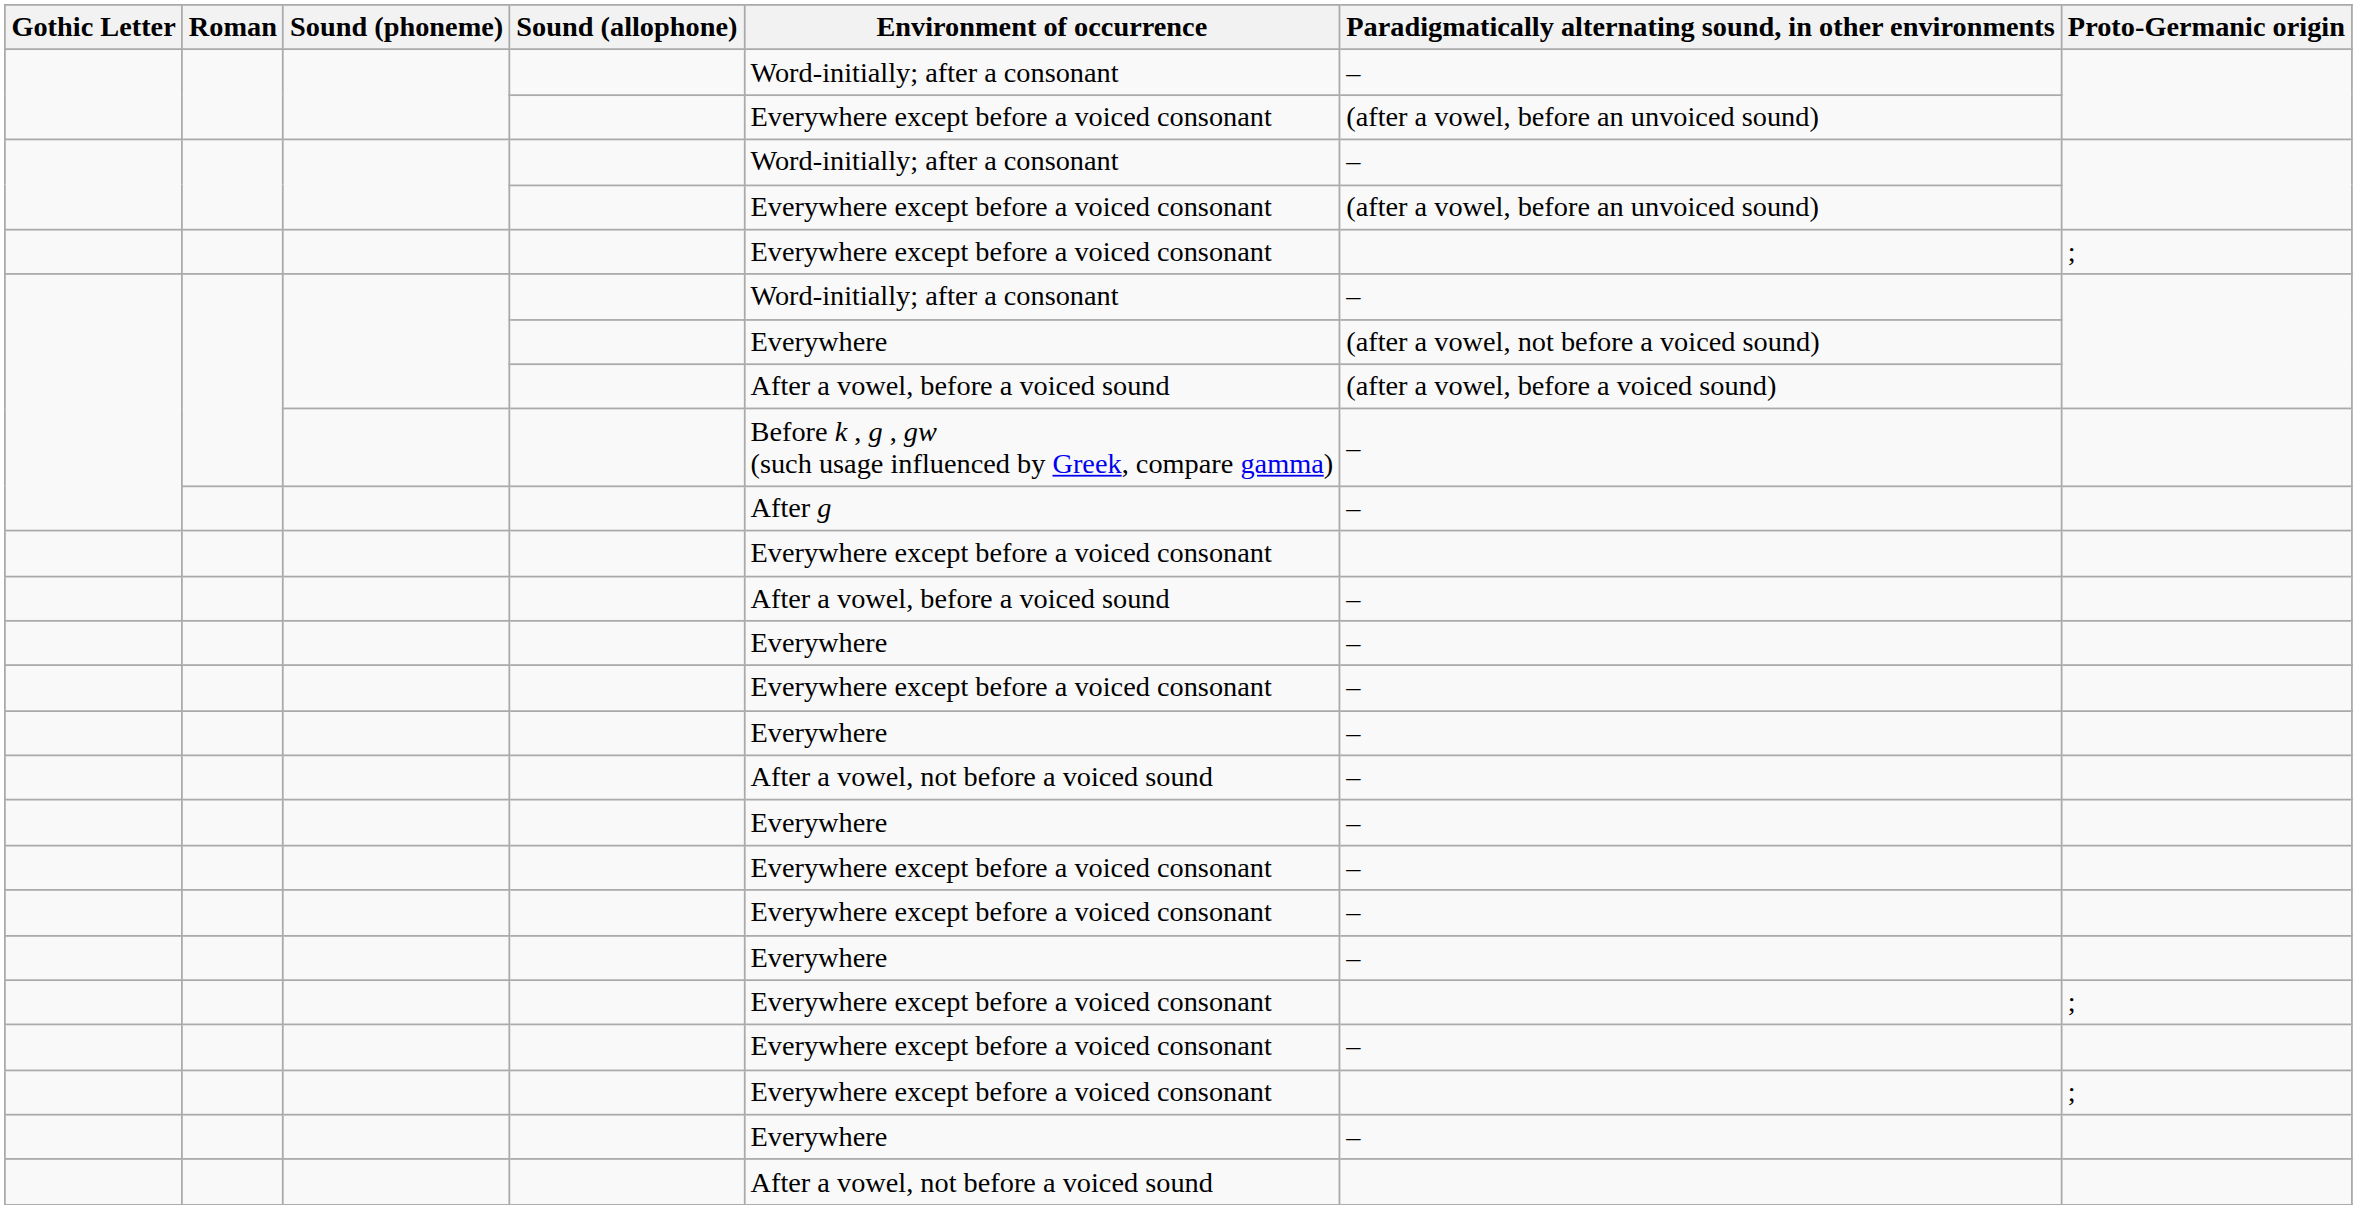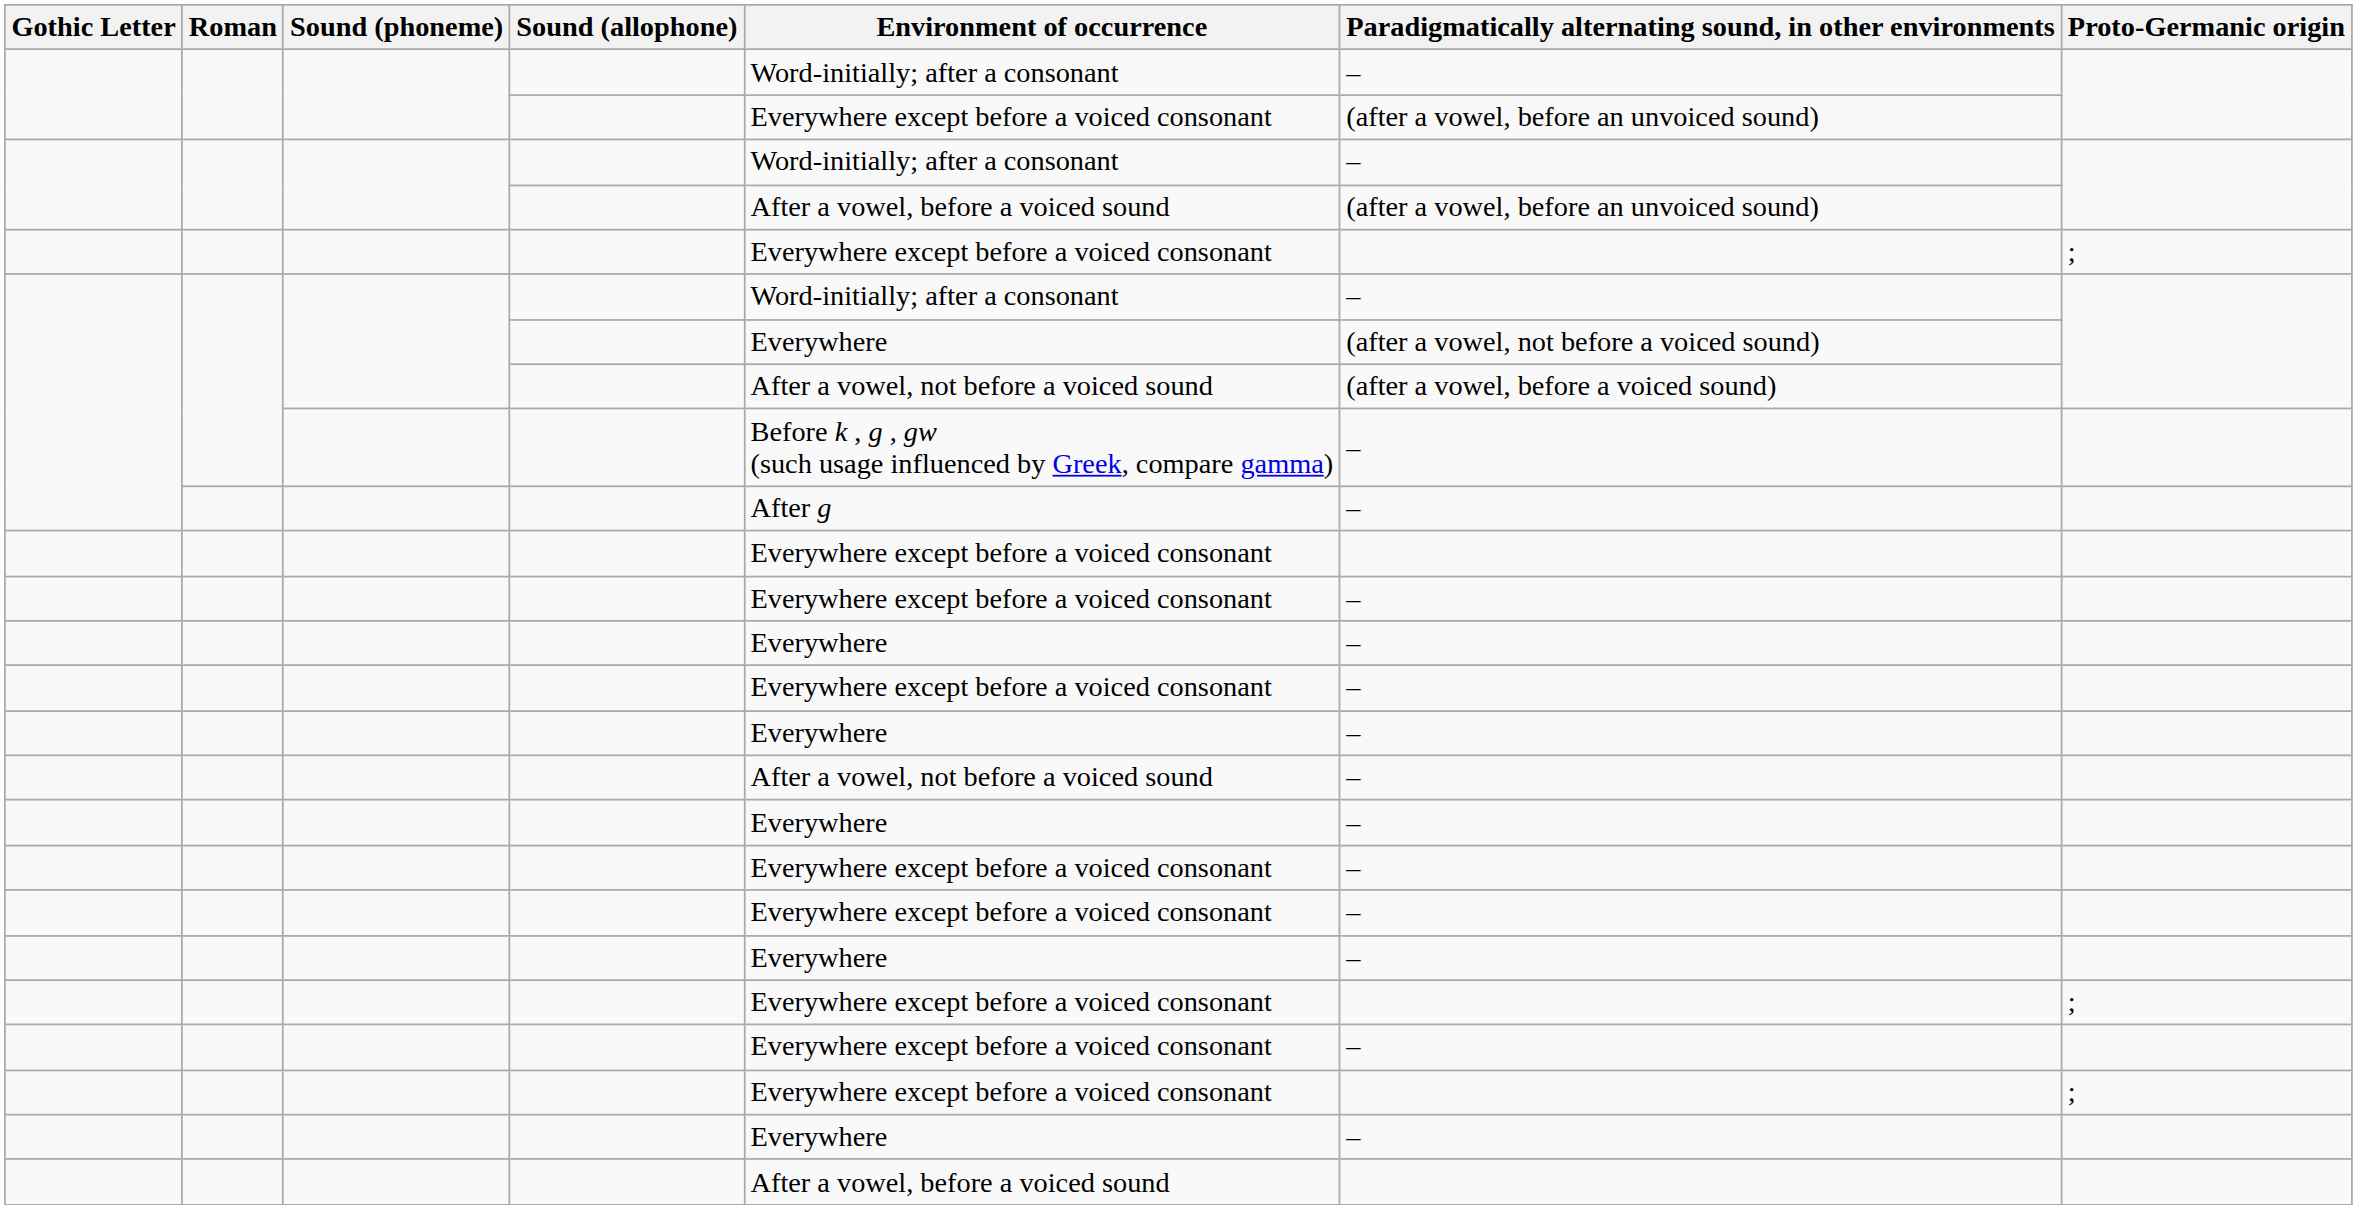 <table class="wikitable">
 <tr>
 <th>Gothic Letter</th>
 <th>Roman</th>
 <th>Sound (phoneme)</th>
 <th>Sound (allophone)</th>
 <th>Environment of occurrence</th>
 <th>Paradigmatically alternating sound, in other environments</th>
 <th>Proto-Germanic origin</th>
 </tr>
 <tr>
 <td rowspan=2></td>
 <td rowspan=2></td>
 <td rowspan=2></td>
 <td></td>
 <td>Word-initially; after a consonant</td>
 <td>–</td>
 <td rowspan=2></td>
 </tr>
 <tr>
 <td></td>
 <td>Everywhere except before a voiced consonant</td>
 <td> (after a vowel, before an unvoiced sound)</td>
 </tr>
 <tr>
 <td rowspan=2></td>
 <td rowspan=2></td>
 <td rowspan=2></td>
 <td></td>
 <td>Word-initially; after a consonant</td>
 <td>–</td>
 <td rowspan=2></td>
 </tr>
 <tr>
 <td></td>
-<td>Everywhere except before a voiced consonant</td>
+<td>After a vowel, before a voiced sound</td>
 <td> (after a vowel, before an unvoiced sound)</td>
 </tr>
 <tr>
 <td></td>
 <td></td>
 <td></td>
 <td></td>
 <td>Everywhere except before a voiced consonant</td>
 <td> </td>
 <td>; </td>
 </tr>
 <tr>
 <td rowspan=5></td>
 <td rowspan=4></td>
 <td rowspan=3></td>
 <td></td>
 <td>Word-initially; after a consonant</td>
 <td>–</td>
 <td rowspan=3></td>
 </tr>
 <tr>
 <td></td>
 <td>Everywhere</td>
 <td>  (after a vowel, not before a voiced sound)</td>
 </tr>
 <tr>
 <td></td>
-<td>After a vowel, before a voiced sound</td>
+<td>After a vowel, not before a voiced sound</td>
 <td>  (after a vowel, before a voiced sound)</td>
 </tr>
 <tr>
 <td></td>
 <td></td>
 <td>Before <em>k</em> , <em>g</em> , <em>gw</em> <br>(such usage influenced by <a href='#'>Greek</a>, compare <a href='#'>gamma</a>)</td>
 <td>–</td>
 <td></td>
 </tr>
 <tr>
 <td></td>
 <td></td>
 <td></td>
 <td>After <em>g</em>  </td>
 <td>–</td>
 <td></td>
 </tr>
 <tr>
 <td></td>
 <td></td>
 <td></td>
 <td></td>
 <td>Everywhere except before a voiced consonant</td>
 <td> </td>
 <td></td>
 </tr>
 <tr>
 <td></td>
 <td></td>
 <td></td>
 <td></td>
-<td>After a vowel, before a voiced sound</td>
+<td>Everywhere except before a voiced consonant</td>
 <td>–</td>
 <td></td>
 </tr>
 <tr>
 <td></td>
 <td></td>
 <td></td>
 <td></td>
 <td>Everywhere</td>
 <td>–</td>
 <td></td>
 </tr>
 <tr>
 <td></td>
 <td></td>
 <td></td>
 <td></td>
 <td>Everywhere except before a voiced consonant</td>
 <td>–</td>
 <td></td>
 </tr>
 <tr>
 <td></td>
 <td></td>
 <td></td>
 <td></td>
 <td>Everywhere</td>
 <td>–</td>
 <td></td>
 </tr>
 <tr>
 <td></td>
 <td></td>
 <td></td>
 <td></td>
 <td>After a vowel, not before a voiced sound</td>
 <td>–</td>
 <td></td>
 </tr>
 <tr>
 <td></td>
 <td></td>
 <td></td>
 <td></td>
 <td>Everywhere</td>
 <td>–</td>
 <td></td>
 </tr>
 <tr>
 <td></td>
 <td></td>
 <td></td>
 <td></td>
 <td>Everywhere except before a voiced consonant</td>
 <td>–</td>
 <td></td>
 </tr>
 <tr>
 <td></td>
 <td></td>
 <td></td>
 <td></td>
 <td>Everywhere except before a voiced consonant</td>
 <td>–</td>
 <td></td>
 </tr>
 <tr>
 <td></td>
 <td></td>
 <td></td>
 <td></td>
 <td>Everywhere</td>
 <td>–</td>
 <td></td>
 </tr>
 <tr>
 <td></td>
 <td></td>
 <td></td>
 <td></td>
 <td>Everywhere except before a voiced consonant</td>
 <td></td>
 <td>; </td>
 </tr>
 <tr>
 <td></td>
 <td></td>
 <td></td>
 <td></td>
 <td>Everywhere except before a voiced consonant</td>
 <td>–</td>
 <td></td>
 </tr>
 <tr>
 <td></td>
 <td></td>
 <td></td>
 <td></td>
 <td>Everywhere except before a voiced consonant</td>
 <td> </td>
 <td>; </td>
 </tr>
 <tr>
 <td></td>
 <td></td>
 <td></td>
 <td></td>
 <td>Everywhere</td>
 <td>–</td>
 <td></td>
 </tr>
 <tr>
 <td></td>
 <td></td>
 <td></td>
 <td></td>
-<td>After a vowel, not before a voiced sound</td>
+<td>After a vowel, before a voiced sound</td>
 <td></td>
 <td></td>
 </tr>
 </table>
